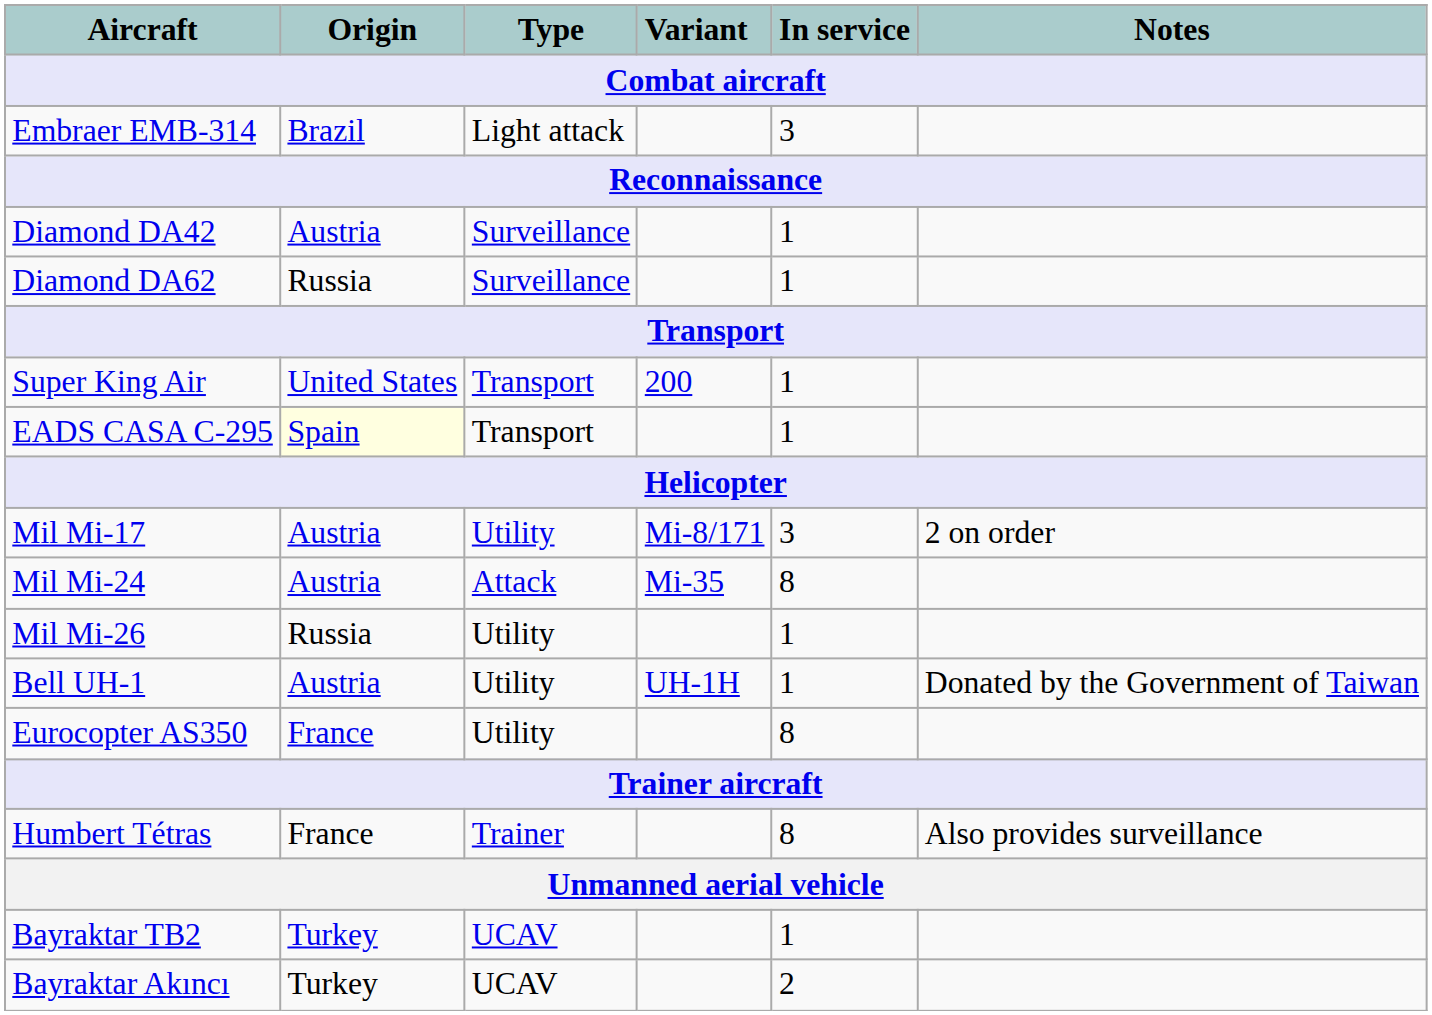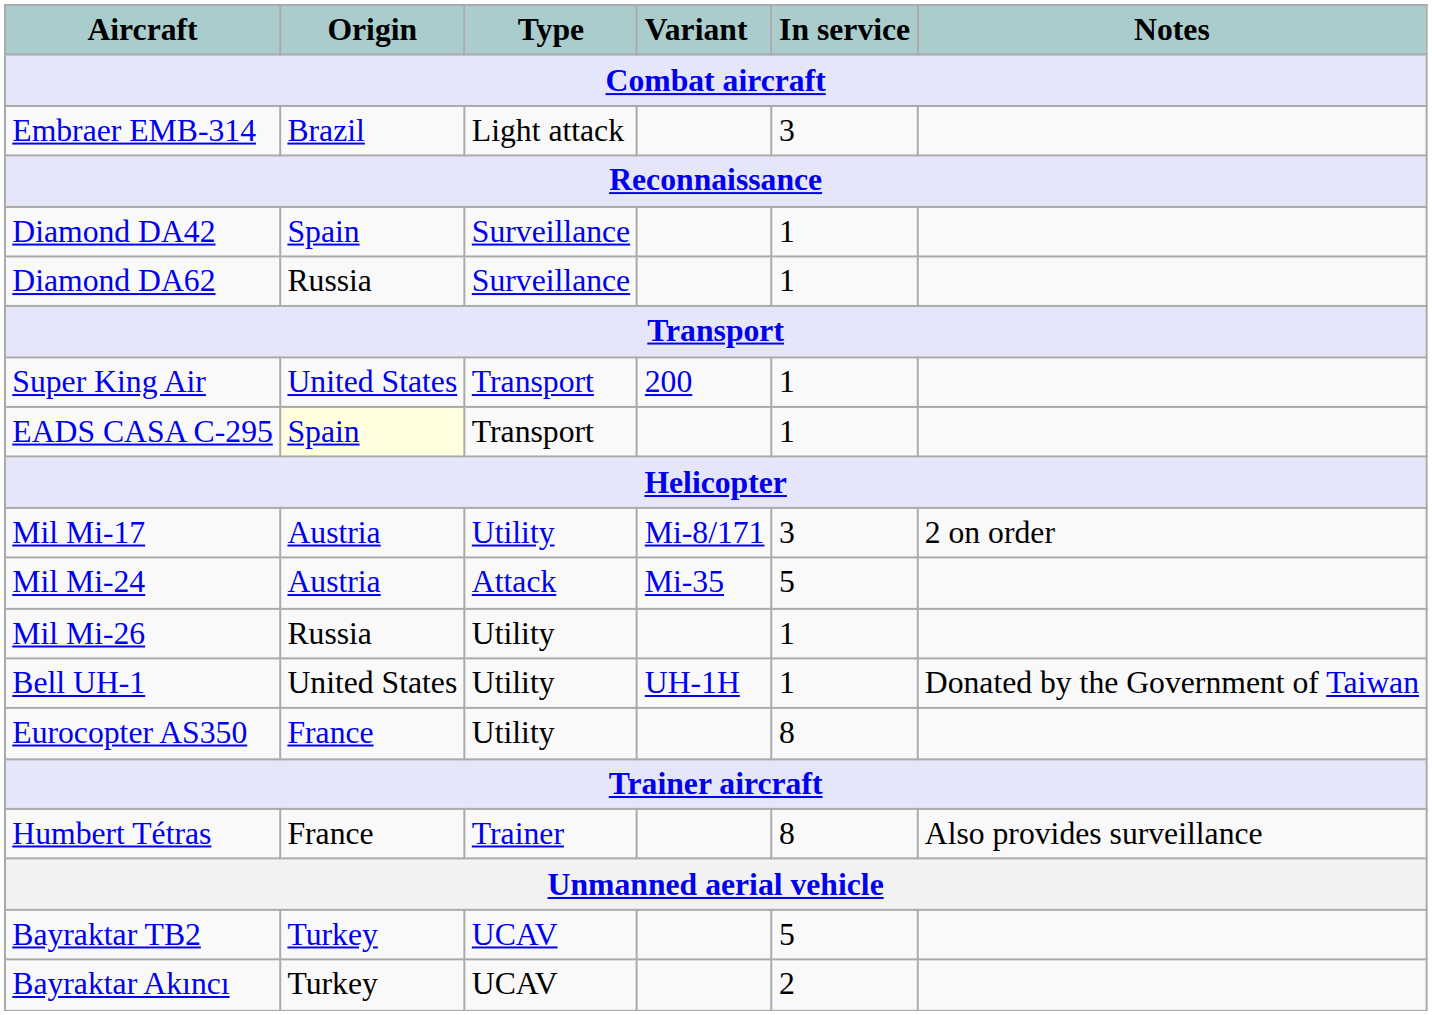 <table class="wikitable">
 <tr>
 <th style="text-align:center; background:#acc;">Aircraft</th>
 <th style="text-align: center; background:#acc;">Origin</th>
 <th style="text-align:l center; background:#acc;">Type</th>
 <th style="text-align:left; background:#acc;">Variant</th>
 <th style="text-align:center; background:#acc;">In service</th>
 <th style="text-align: center; background:#acc;">Notes</th>
 </tr>
 <tr>
 <th style="align: center; background: lavender;" colspan="7"><a href='#'>Combat aircraft</a></th>
 </tr>
 <tr>
 <td><a href='#'>Embraer EMB-314</a></td>
 <td><a href='#'>Brazil</a></td>
 <td>Light attack</td>
 <td></td>
 <td>3</td>
 <td></td>
 </tr>
 <tr>
 <th style="align: center; background: lavender;" colspan="7"><a href='#'>Reconnaissance</a></th>
 </tr>
 <tr>
 <td><a href='#'>Diamond DA42</a></td>
-<td><a href='#'>Austria</a></td>
+<td><a href='#'>Spain</a></td>
 <td><a href='#'>Surveillance</a></td>
 <td></td>
 <td>1</td>
 <td></td>
 </tr>
 <tr>
 <td><a href='#'>Diamond DA62</a></td>
 <td>Russia</td>
 <td><a href='#'>Surveillance</a></td>
 <td></td>
 <td>1</td>
 <td></td>
 </tr>
 <tr>
 <th style="align: center; background: lavender;" colspan="7"><a href='#'>Transport</a></th>
 </tr>
 <tr>
 <td><a href='#'>Super King Air</a></td>
 <td><a href='#'>United States</a></td>
 <td><a href='#'>Transport</a></td>
 <td><a href='#'>200</a></td>
 <td>1</td>
 <td></td>
 </tr>
 <tr>
 <td><a href='#'>EADS CASA C-295</a></td>
 <td style="background: lightyellow;"><a href='#'>Spain</a></td>
 <td>Transport</td>
 <td></td>
 <td>1</td>
 <td></td>
 </tr>
 <tr>
 <th style="align: center; background: lavender;" colspan="7"><a href='#'>Helicopter</a></th>
 </tr>
 <tr>
 <td><a href='#'>Mil Mi-17</a></td>
 <td><a href='#'>Austria</a></td>
 <td><a href='#'>Utility</a></td>
 <td><a href='#'>Mi-8/171</a></td>
 <td>3</td>
 <td>2 on order</td>
 </tr>
 <tr>
 <td><a href='#'>Mil Mi-24</a></td>
 <td><a href='#'>Austria</a></td>
 <td><a href='#'>Attack</a></td>
 <td><a href='#'>Mi-35</a></td>
-<td>8</td>
+<td>5</td>
 <td></td>
 </tr>
 <tr>
 <td><a href='#'>Mil Mi-26</a></td>
 <td>Russia</td>
 <td>Utility</td>
 <td></td>
 <td>1</td>
 <td></td>
 </tr>
 <tr>
 <td><a href='#'>Bell UH-1</a></td>
-<td><a href='#'>Austria</a></td>
+<td>United States</td>
 <td>Utility</td>
 <td><a href='#'>UH-1H</a></td>
 <td>1</td>
 <td>Donated by the Government of <a href='#'>Taiwan</a></td>
 </tr>
 <tr>
 <td><a href='#'>Eurocopter AS350</a></td>
 <td><a href='#'>France</a></td>
 <td>Utility</td>
 <td></td>
 <td>8</td>
 <td></td>
 </tr>
 <tr>
 <th style="align: center; background: lavender;" colspan="7"><a href='#'>Trainer aircraft</a></th>
 </tr>
 <tr>
 <td><a href='#'>Humbert Tétras</a></td>
 <td>France</td>
 <td><a href='#'>Trainer</a></td>
 <td></td>
 <td>8</td>
 <td>Also provides surveillance</td>
 </tr>
 <tr>
 <th colspan="6"><a href='#'>Unmanned aerial vehicle</a></th>
 </tr>
 <tr>
 <td><a href='#'>Bayraktar TB2</a></td>
 <td><a href='#'>Turkey</a></td>
 <td><a href='#'>UCAV</a></td>
 <td></td>
-<td>1</td>
+<td>5</td>
 <td></td>
 </tr>
 <tr>
 <td><a href='#'>Bayraktar Akıncı</a></td>
 <td>Turkey</td>
 <td>UCAV</td>
 <td></td>
 <td>2</td>
 <td></td>
 </tr>
 </table>
